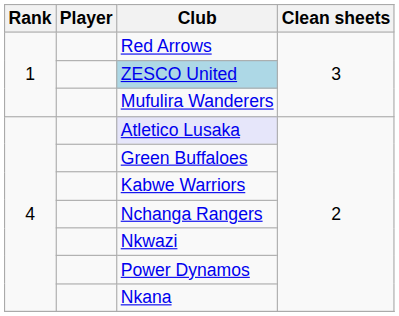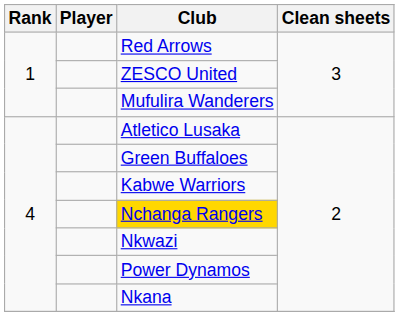 <table class="wikitable" style="text-align:center">
 <tr>
 <th>Rank</th>
 <th>Player</th>
 <th>Club</th>
 <th>Clean sheets</th>
 </tr>
 <tr>
 <td rowspan="3">1</td>
 <td align="left"></td>
 <td align="left"><a href='#'>Red Arrows</a></td>
 <td rowspan="3">3</td>
 </tr>
 <tr>
 <td align="left"></td>
-<td align="left" style="background: lightblue;"><a href='#'>ZESCO United</a></td>
+<td align="left"><a href='#'>ZESCO United</a></td>
 </tr>
 <tr>
 <td align="left"></td>
 <td align="left"><a href='#'>Mufulira Wanderers</a></td>
 </tr>
 <tr>
 <td rowspan="7">4</td>
 <td align="left"></td>
-<td align="left" style="background: lavender;"><a href='#'>Atletico Lusaka</a></td>
+<td align="left"><a href='#'>Atletico Lusaka</a></td>
 <td rowspan="7">2</td>
 </tr>
 <tr>
 <td align="left"></td>
 <td align="left"><a href='#'>Green Buffaloes</a></td>
 </tr>
 <tr>
 <td align="left"></td>
 <td align="left"><a href='#'>Kabwe Warriors</a></td>
 </tr>
 <tr>
 <td align="left"></td>
-<td align="left"><a href='#'>Nchanga Rangers</a></td>
+<td align="left" style="background: gold;"><a href='#'>Nchanga Rangers</a></td>
 </tr>
 <tr>
 <td align="left"></td>
 <td align="left"><a href='#'>Nkwazi</a></td>
 </tr>
 <tr>
 <td align="left"></td>
 <td align="left"><a href='#'>Power Dynamos</a></td>
 </tr>
 <tr>
 <td align="left"></td>
 <td align="left"><a href='#'>Nkana</a></td>
 </tr>
 <tr>
 </tr>
 </table>
